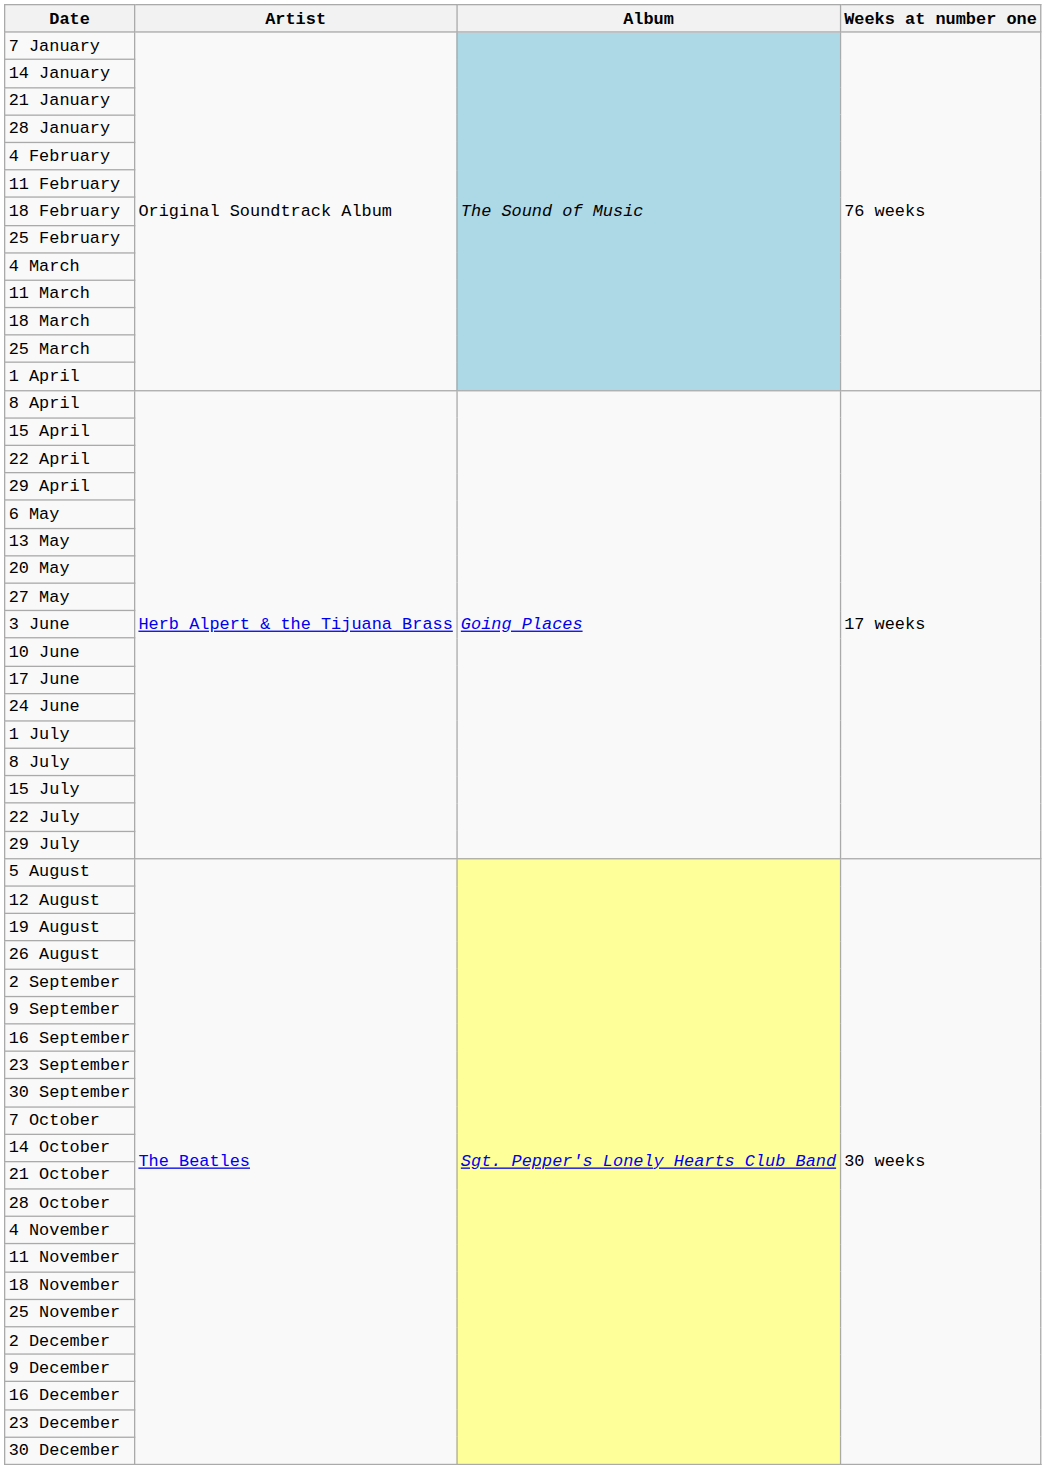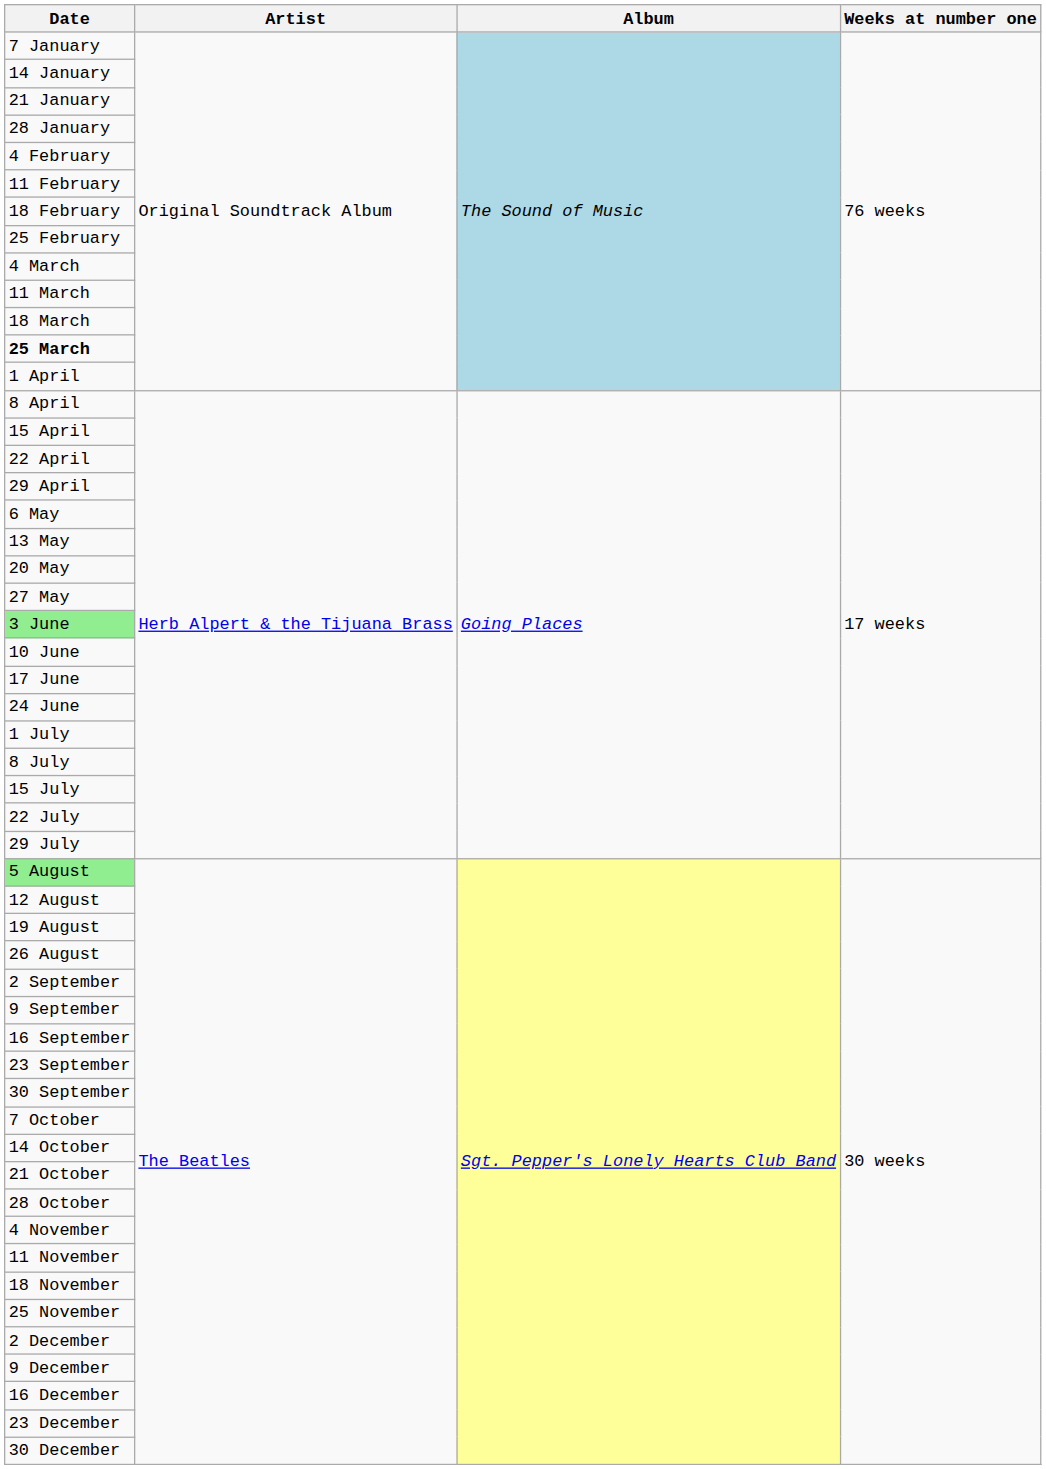 <table class="wikitable">
 <tr>
 <th>Date</th>
 <th>Artist</th>
 <th>Album</th>
 <th>Weeks at number one</th>
 </tr>
 <tr>
 <td>7 January</td>
 <td rowspan="13">Original Soundtrack Album</td>
 <td bgcolor=lightblue rowspan="13"><em>The Sound of Music</em></td>
 <td rowspan="13">76 weeks</td>
 </tr>
 <tr>
 <td>14 January</td>
 </tr>
 <tr>
 <td>21 January</td>
 </tr>
 <tr>
 <td>28 January</td>
 </tr>
 <tr>
 <td>4 February</td>
 </tr>
 <tr>
 <td>11 February</td>
 </tr>
 <tr>
 <td>18 February</td>
 </tr>
 <tr>
 <td>25 February</td>
 </tr>
 <tr>
 <td>4 March</td>
 </tr>
 <tr>
 <td>11 March</td>
 </tr>
 <tr>
 <td>18 March</td>
 </tr>
 <tr>
-<td>25 March</td>
+<td><strong>25 March</strong></td>
 </tr>
 <tr>
 <td>1 April</td>
 </tr>
 <tr>
 <td>8 April</td>
 <td rowspan="17"><a href='#'>Herb Alpert & the Tijuana Brass</a></td>
 <td rowspan="17"><em><a href='#'>Going Places</a></em></td>
 <td rowspan="17">17 weeks</td>
 </tr>
 <tr>
 <td>15 April</td>
 </tr>
 <tr>
 <td>22 April</td>
 </tr>
 <tr>
 <td>29 April</td>
 </tr>
 <tr>
 <td>6 May</td>
 </tr>
 <tr>
 <td>13 May</td>
 </tr>
 <tr>
 <td>20 May</td>
 </tr>
 <tr>
 <td>27 May</td>
 </tr>
 <tr>
-<td>3 June</td>
+<td style="background: lightgreen;">3 June</td>
 </tr>
 <tr>
 <td>10 June</td>
 </tr>
 <tr>
 <td>17 June</td>
 </tr>
 <tr>
 <td>24 June</td>
 </tr>
 <tr>
 <td>1 July</td>
 </tr>
 <tr>
 <td>8 July</td>
 </tr>
 <tr>
 <td>15 July</td>
 </tr>
 <tr>
 <td>22 July</td>
 </tr>
 <tr>
 <td>29 July</td>
 </tr>
 <tr>
-<td>5 August</td>
+<td style="background: lightgreen;">5 August</td>
 <td rowspan="22"><a href='#'>The Beatles</a></td>
 <td bgcolor=#FFFF99 rowspan="22"><em><a href='#'>Sgt. Pepper's Lonely Hearts Club Band</a></em></td>
 <td rowspan="22">30 weeks</td>
 </tr>
 <tr>
 <td>12 August</td>
 </tr>
 <tr>
 <td>19 August</td>
 </tr>
 <tr>
 <td>26 August</td>
 </tr>
 <tr>
 <td>2 September</td>
 </tr>
 <tr>
 <td>9 September</td>
 </tr>
 <tr>
 <td>16 September</td>
 </tr>
 <tr>
 <td>23 September</td>
 </tr>
 <tr>
 <td>30 September</td>
 </tr>
 <tr>
 <td>7 October</td>
 </tr>
 <tr>
 <td>14 October</td>
 </tr>
 <tr>
 <td>21 October</td>
 </tr>
 <tr>
 <td>28 October</td>
 </tr>
 <tr>
 <td>4 November</td>
 </tr>
 <tr>
 <td>11 November</td>
 </tr>
 <tr>
 <td>18 November</td>
 </tr>
 <tr>
 <td>25 November</td>
 </tr>
 <tr>
 <td>2 December</td>
 </tr>
 <tr>
 <td>9 December</td>
 </tr>
 <tr>
 <td>16 December</td>
 </tr>
 <tr>
 <td>23 December</td>
 </tr>
 <tr>
 <td>30 December</td>
 </tr>
 <tr>
 </tr>
 </table>
